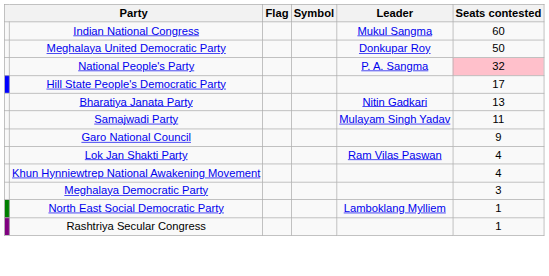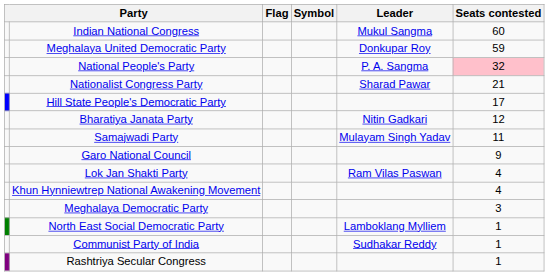 <table class="wikitable" style="text-align:center;">
 <tr>
 <th colspan="2">Party</th>
 <th>Flag</th>
 <th>Symbol</th>
 <th>Leader</th>
 <th>Seats contested</th>
 </tr>
 <tr>
 <td></td>
 <td><a href='#'>Indian National Congress</a></td>
 <td></td>
 <td></td>
 <td><a href='#'>Mukul Sangma</a></td>
 <td>60</td>
 </tr>
 <tr>
 <td></td>
 <td><a href='#'>Meghalaya United Democratic Party</a></td>
 <td></td>
 <td></td>
 <td><a href='#'>Donkupar Roy</a></td>
-<td>50</td>
+<td>59</td>
 </tr>
 <tr>
 <td></td>
 <td><a href='#'>National People's Party</a></td>
 <td></td>
 <td></td>
 <td><a href='#'>P. A. Sangma</a></td>
 <td style="background: pink;">32</td>
+</tr>
+<tr>
+<td></td>
+<td><a href='#'>Nationalist Congress Party</a></td>
+<td></td>
+<td></td>
+<td><a href='#'>Sharad Pawar</a></td>
+<td>21</td>
 </tr>
 <tr>
 <td style="background-color: blue;"></td>
 <td><a href='#'>Hill State People's Democratic Party</a></td>
 <td></td>
 <td></td>
 <td></td>
 <td>17</td>
 </tr>
 <tr>
 <td></td>
 <td><a href='#'>Bharatiya Janata Party</a></td>
 <td></td>
 <td></td>
 <td><a href='#'>Nitin Gadkari</a></td>
-<td>13</td>
+<td>12</td>
 </tr>
 <tr>
 <td></td>
 <td><a href='#'>Samajwadi Party</a></td>
 <td></td>
 <td></td>
 <td><a href='#'>Mulayam Singh Yadav</a></td>
 <td>11</td>
 </tr>
 <tr>
 <td></td>
 <td><a href='#'>Garo National Council</a></td>
 <td></td>
 <td></td>
 <td></td>
 <td>9</td>
 </tr>
 <tr>
 <td></td>
 <td><a href='#'>Lok Jan Shakti Party</a></td>
 <td></td>
 <td></td>
 <td><a href='#'>Ram Vilas Paswan</a></td>
 <td>4</td>
 </tr>
 <tr>
 <td></td>
 <td><a href='#'>Khun Hynniewtrep National Awakening Movement</a></td>
 <td></td>
 <td></td>
 <td></td>
 <td>4</td>
 </tr>
 <tr>
 <td></td>
 <td><a href='#'>Meghalaya Democratic Party</a></td>
 <td></td>
 <td></td>
 <td></td>
 <td>3</td>
 </tr>
 <tr>
 <td style="background-color: green;"></td>
 <td><a href='#'>North East Social Democratic Party</a></td>
 <td></td>
 <td></td>
 <td><a href='#'>Lamboklang Mylliem</a></td>
 <td>1</td>
 </tr>
 <tr>
+<td></td>
+<td><a href='#'>Communist Party of India</a></td>
+<td></td>
+<td></td>
+<td><a href='#'>Sudhakar Reddy</a></td>
+<td>1</td>
+</tr>
+<tr>
 <td style="background-color: purple;"></td>
 <td>Rashtriya Secular Congress</td>
 <td></td>
 <td></td>
 <td></td>
 <td>1</td>
 </tr>
 </table>
